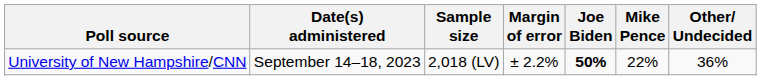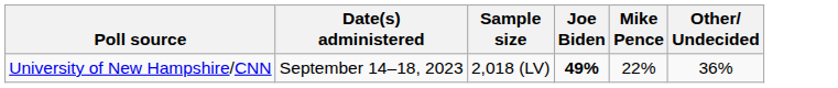 <table class="wikitable sortable mw-datatable" style="font-size:90%;text-align:center;line-height:17px">
 <tr valign=bottom>
 <th>Poll source</th>
 <th>Date(s)<br>administered</th>
 <th>Sample<br>size</th>
-<th>Margin<br>of error</th>
 <th class="unsortable">Joe<br>Biden<br></th>
 <th class="unsortable">Mike<br>Pence<br></th>
 <th class="unsortable">Other/<br>Undecided</th>
 </tr>
 <tr>
 <td style="text-align:left;"><a href='#'>University of New Hampshire</a>/<a href='#'>CNN</a></td>
 <td data-sort-value="2021-12-12">September 14–18, 2023</td>
 <td>2,018 (LV)</td>
-<td>± 2.2%</td>
-<td style="color:black;background-color:"><strong>50%</strong></td>
+<td style="color:black;background-color:"><strong>49%</strong></td>
 <td>22%</td>
 <td>36%</td>
 </tr>
 </table>
